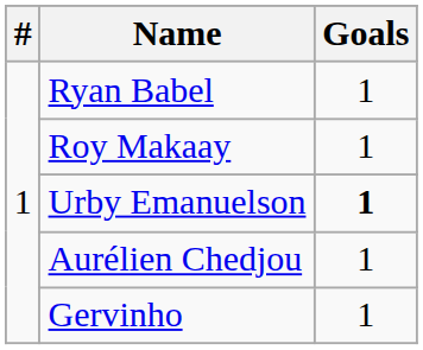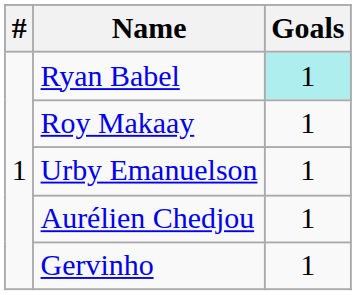 <table class="wikitable" style="text-align: center;">
 <tr>
 <th>#</th>
 <th>Name</th>
 <th>Goals</th>
 </tr>
 <tr>
 <td rowspan="10">1</td>
 <td align="left"> <a href='#'>Ryan Babel</a></td>
-<td>1</td>
+<td style="background: paleturquoise;">1</td>
 </tr>
 <tr>
 <td align="left"> <a href='#'>Roy Makaay</a></td>
 <td>1</td>
 </tr>
 <tr>
 <td align="left"> <a href='#'>Urby Emanuelson</a></td>
-<td><strong>1</strong></td>
+<td>1</td>
 </tr>
 <tr>
 <td align="left"> <a href='#'>Aurélien Chedjou</a></td>
 <td>1</td>
 </tr>
 <tr>
 <td align="left"> <a href='#'>Gervinho</a></td>
 <td>1</td>
 </tr>
 </table>
